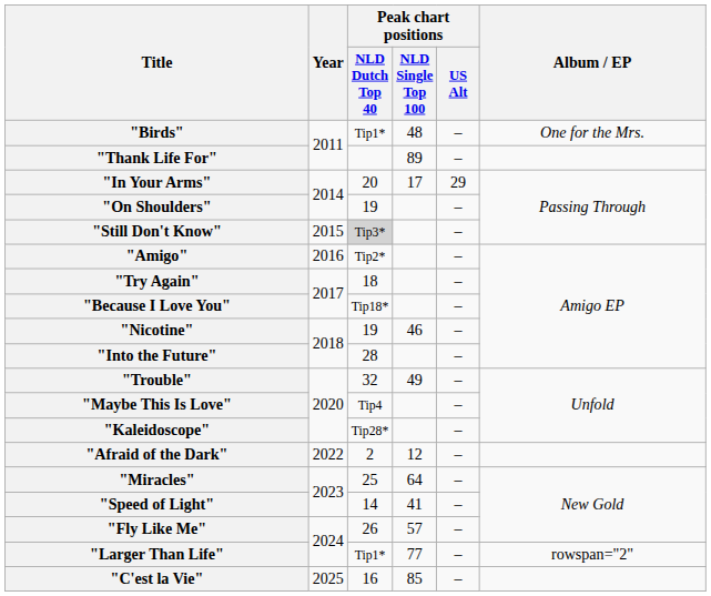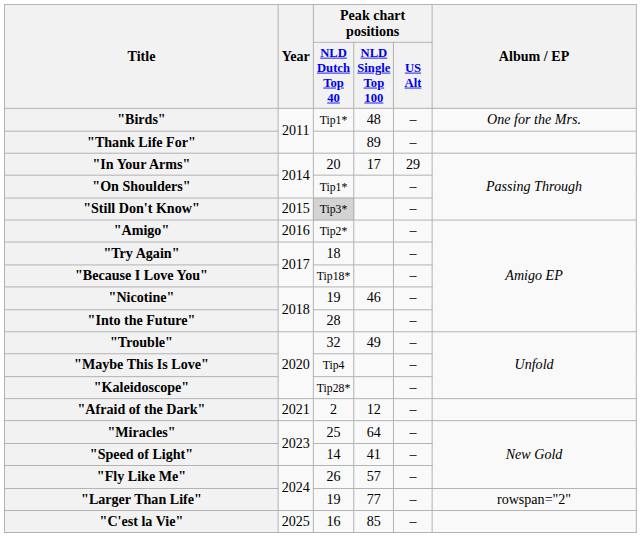 <table class="wikitable plainrowheaders" border="1" style="text-align:center;">
 <tr>
 <th scope="col" rowspan="2" style="width:19em;">Title</th>
 <th scope="col" rowspan="2">Year</th>
 <th colspan="3" scope="col" style="width:8em;">Peak chart positions</th>
 <th scope="col" rowspan="2" style="width:14em;">Album / EP</th>
 </tr>
 <tr>
 <th scope="col" style="width:2.5em;font-size:90%;"><a href='#'>NLD <br>Dutch<br>Top 40</a><br></th>
 <th scope="col" style="width:2.5em;font-size:90%;"><a href='#'>NLD <br>Single<br>Top 100</a><br></th>
 <th scope="col" style="width:2.5em;font-size:90%;"><a href='#'>US Alt</a></th>
 </tr>
 <tr>
 <th scope="row">"Birds"</th>
 <td rowspan=2>2011</td>
 <td><small>Tip1*</small></td>
 <td>48</td>
 <td>–</td>
 <td><em>One for the Mrs.</em></td>
 </tr>
 <tr>
 <th scope="row">"Thank Life For"</th>
 <td></td>
 <td>89</td>
 <td>–</td>
 <td></td>
 </tr>
 <tr>
 <th scope="row">"In Your Arms"</th>
 <td rowspan=2>2014</td>
 <td>20</td>
 <td>17</td>
 <td>29</td>
 <td rowspan="3"><em>Passing Through</em></td>
 </tr>
 <tr>
 <th scope="row">"On Shoulders"</th>
-<td>19</td>
+<td><small>Tip1*</small></td>
 <td></td>
 <td>–</td>
 </tr>
 <tr>
 <th scope="row">"Still Don't Know"</th>
 <td>2015</td>
 <td style="background: lightgrey;"><small>Tip3*</small></td>
 <td></td>
 <td>–</td>
 </tr>
 <tr>
 <th scope="row">"Amigo"</th>
 <td>2016</td>
 <td><small>Tip2*</small></td>
 <td></td>
 <td>–</td>
 <td rowspan="5"><em>Amigo EP</em></td>
 </tr>
 <tr>
 <th scope="row">"Try Again"</th>
 <td rowspan=2>2017</td>
 <td>18</td>
 <td></td>
 <td>–</td>
 </tr>
 <tr>
 <th scope="row">"Because I Love You"</th>
 <td><small>Tip18*</small></td>
 <td></td>
 <td>–</td>
 </tr>
 <tr>
 <th scope="row">"Nicotine"</th>
 <td rowspan=2>2018</td>
 <td>19</td>
 <td>46</td>
 <td>–</td>
 </tr>
 <tr>
 <th scope="row">"Into the Future"</th>
 <td>28</td>
 <td></td>
 <td>–</td>
 </tr>
 <tr>
 <th scope="row">"Trouble"</th>
 <td rowspan=3>2020</td>
 <td>32</td>
 <td>49</td>
 <td>–</td>
 <td rowspan="3"><em>Unfold</em></td>
 </tr>
 <tr>
 <th scope="row">"Maybe This Is Love"</th>
 <td><small>Tip4</small></td>
 <td></td>
 <td>–</td>
 </tr>
 <tr>
 <th scope="row">"Kaleidoscope"</th>
 <td><small>Tip28*</small></td>
 <td></td>
 <td>–</td>
 </tr>
 <tr>
 <th scope="row">"Afraid of the Dark"</th>
-<td>2022</td>
+<td>2021</td>
 <td>2</td>
 <td>12</td>
 <td>–</td>
 <td></td>
 </tr>
 <tr>
 <th scope="row">"Miracles"</th>
 <td rowspan="2">2023</td>
 <td>25</td>
 <td>64</td>
 <td>–</td>
 <td rowspan="3"><em>New Gold</em></td>
 </tr>
 <tr>
 <th scope="row">"Speed of Light"</th>
 <td>14</td>
 <td>41</td>
 <td>–</td>
 </tr>
 <tr>
 <th scope="row">"Fly Like Me"</th>
 <td rowspan="2">2024</td>
 <td>26</td>
 <td>57</td>
 <td>–</td>
 </tr>
 <tr>
 <th scope="row">"Larger Than Life"<br></th>
-<td><small>Tip1*</small></td>
+<td>19</td>
 <td>77</td>
 <td>–</td>
 <td>rowspan="2" </td>
 </tr>
 <tr>
 <th scope="row">"C'est la Vie"</th>
 <td>2025</td>
 <td>16</td>
 <td>85</td>
 <td>–</td>
 </tr>
 </table>
